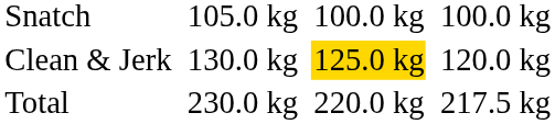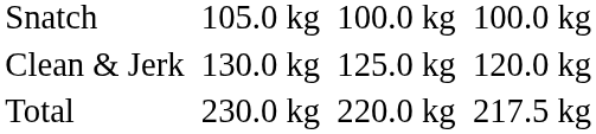 <table>
 <tr>
 <td>Snatch</td>
 <td></td>
 <td>105.0 kg</td>
 <td></td>
 <td>100.0 kg</td>
 <td></td>
 <td>100.0 kg</td>
 </tr>
 <tr>
 <td>Clean & Jerk</td>
 <td></td>
 <td>130.0 kg</td>
 <td></td>
-<td style="background: gold;">125.0 kg</td>
+<td>125.0 kg</td>
 <td></td>
 <td>120.0 kg</td>
 </tr>
 <tr>
 <td>Total</td>
 <td></td>
 <td>230.0 kg</td>
 <td></td>
 <td>220.0 kg</td>
 <td></td>
 <td>217.5 kg</td>
 </tr>
 </table>
